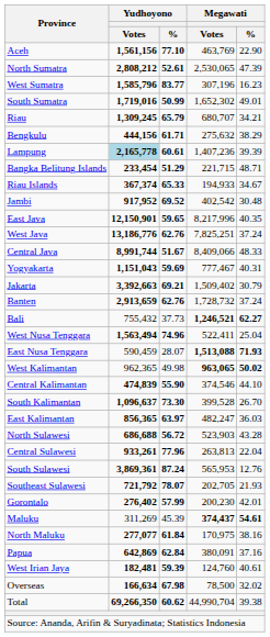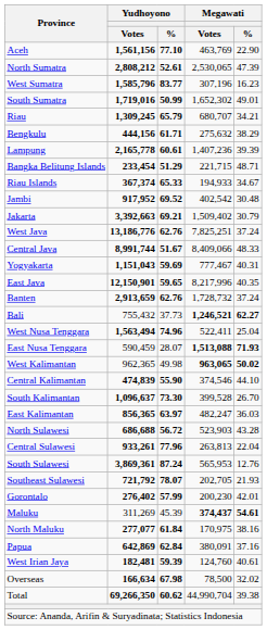 <table class="wikitable" style="text-align:right; font-size: 0.9em;">
 <tr>
 <th rowspan="3">Province</th>
 <th colspan="2">Yudhoyono</th>
 <th colspan="2">Megawati</th>
 </tr>
 <tr>
 <th colspan="2" style="background:"></th>
 <th colspan="2" style="background:"></th>
 </tr>
 <tr>
 <th>Votes</th>
 <th>%</th>
 <th>Votes</th>
 <th>%</th>
 </tr>
 <tr>
 <td align=left><a href='#'>Aceh</a></td>
 <td><strong>1,561,156</strong></td>
 <td><strong>77.10</strong></td>
 <td>463,769</td>
 <td>22.90</td>
 </tr>
 <tr>
 <td align=left><a href='#'>North Sumatra</a></td>
 <td><strong>2,808,212</strong></td>
 <td><strong>52.61</strong></td>
 <td>2,530,065</td>
 <td>47.39</td>
 </tr>
 <tr>
 <td align=left><a href='#'>West Sumatra</a></td>
 <td><strong>1,585,796</strong></td>
 <td><strong>83.77</strong></td>
 <td>307,196</td>
 <td>16.23</td>
 </tr>
 <tr>
 <td align=left><a href='#'>South Sumatra</a></td>
 <td><strong>1,719,016</strong></td>
 <td><strong>50.99</strong></td>
 <td>1,652,302</td>
 <td>49.01</td>
 </tr>
 <tr>
 <td align=left><a href='#'>Riau</a></td>
 <td><strong>1,309,245</strong></td>
 <td><strong>65.79</strong></td>
 <td>680,707</td>
 <td>34.21</td>
 </tr>
 <tr>
 <td align=left><a href='#'>Bengkulu</a></td>
 <td><strong>444,156</strong></td>
 <td><strong>61.71</strong></td>
 <td>275,632</td>
 <td>38.29</td>
 </tr>
 <tr>
 <td align=left><a href='#'>Lampung</a></td>
-<td style="background: lightblue;"><strong>2,165,778</strong></td>
+<td><strong>2,165,778</strong></td>
 <td><strong>60.61</strong></td>
 <td>1,407,236</td>
 <td>39.39</td>
 </tr>
 <tr>
 <td align=left><a href='#'>Bangka Belitung Islands</a></td>
 <td><strong>233,454</strong></td>
 <td><strong>51.29</strong></td>
 <td>221,715</td>
 <td>48.71</td>
 </tr>
 <tr>
 <td align=left><a href='#'>Riau Islands</a></td>
 <td><strong>367,374</strong></td>
 <td><strong>65.33</strong></td>
 <td>194,933</td>
 <td>34.67</td>
 </tr>
 <tr>
 <td align=left><a href='#'>Jambi</a></td>
 <td><strong>917,952</strong></td>
 <td><strong>69.52</strong></td>
 <td>402,542</td>
 <td>30.48</td>
 </tr>
 <tr>
-<td align=left><a href='#'>East Java</a></td>
-<td><strong>12,150,901</strong></td>
-<td><strong>59.65</strong></td>
-<td>8,217,996</td>
-<td>40.35</td>
+<td align=left><a href='#'>Jakarta</a></td>
+<td><strong>3,392,663</strong></td>
+<td><strong>69.21</strong></td>
+<td>1,509,402</td>
+<td>30.79</td>
 </tr>
 <tr>
 <td align=left><a href='#'>West Java</a></td>
 <td><strong>13,186,776</strong></td>
 <td><strong>62.76</strong></td>
 <td>7,825,251</td>
 <td>37.24</td>
 </tr>
 <tr>
 <td align=left><a href='#'>Central Java</a></td>
 <td><strong>8,991,744</strong></td>
 <td><strong>51.67</strong></td>
 <td>8,409,066</td>
 <td>48.33</td>
 </tr>
 <tr>
 <td align=left><a href='#'>Yogyakarta</a></td>
 <td><strong>1,151,043</strong></td>
 <td><strong>59.69</strong></td>
 <td>777,467</td>
 <td>40.31</td>
 </tr>
 <tr>
-<td align=left><a href='#'>Jakarta</a></td>
-<td><strong>3,392,663</strong></td>
-<td><strong>69.21</strong></td>
-<td>1,509,402</td>
-<td>30.79</td>
+<td align=left><a href='#'>East Java</a></td>
+<td><strong>12,150,901</strong></td>
+<td><strong>59.65</strong></td>
+<td>8,217,996</td>
+<td>40.35</td>
 </tr>
 <tr>
 <td align=left><a href='#'>Banten</a></td>
 <td><strong>2,913,659</strong></td>
 <td><strong>62.76</strong></td>
 <td>1,728,732</td>
 <td>37.24</td>
 </tr>
 <tr>
 <td align=left><a href='#'>Bali</a></td>
 <td>755,432</td>
 <td>37.73</td>
 <td><strong>1,246,521</strong></td>
 <td><strong>62.27</strong></td>
 </tr>
 <tr>
 <td align=left><a href='#'>West Nusa Tenggara</a></td>
 <td><strong>1,563,494</strong></td>
 <td><strong>74.96</strong></td>
 <td>522,411</td>
 <td>25.04</td>
 </tr>
 <tr>
 <td align=left><a href='#'>East Nusa Tenggara</a></td>
 <td>590,459</td>
 <td>28.07</td>
 <td><strong>1,513,088</strong></td>
 <td><strong>71.93</strong></td>
 </tr>
 <tr>
 <td align=left><a href='#'>West Kalimantan</a></td>
 <td>962,365</td>
 <td>49.98</td>
 <td><strong>963,065</strong></td>
 <td><strong>50.02</strong></td>
 </tr>
 <tr>
 <td align=left><a href='#'>Central Kalimantan</a></td>
 <td><strong>474,839</strong></td>
 <td><strong>55.90</strong></td>
 <td>374,546</td>
 <td>44.10</td>
 </tr>
 <tr>
 <td align=left><a href='#'>South Kalimantan</a></td>
 <td><strong>1,096,637</strong></td>
 <td><strong>73.30</strong></td>
 <td>399,528</td>
 <td>26.70</td>
 </tr>
 <tr>
 <td align=left><a href='#'>East Kalimantan</a></td>
 <td><strong>856,365</strong></td>
 <td><strong>63.97</strong></td>
 <td>482,247</td>
 <td>36.03</td>
 </tr>
 <tr>
 <td align=left><a href='#'>North Sulawesi</a></td>
 <td><strong>686,688</strong></td>
 <td><strong>56.72</strong></td>
 <td>523,903</td>
 <td>43.28</td>
 </tr>
 <tr>
 <td align=left><a href='#'>Central Sulawesi</a></td>
 <td><strong>933,261</strong></td>
 <td><strong>77.96</strong></td>
 <td>263,813</td>
 <td>22.04</td>
 </tr>
 <tr>
 <td align=left><a href='#'>South Sulawesi</a></td>
 <td><strong>3,869,361</strong></td>
 <td><strong>87.24</strong></td>
 <td>565,953</td>
 <td>12.76</td>
 </tr>
 <tr>
 <td align=left><a href='#'>Southeast Sulawesi</a></td>
 <td><strong>721,792</strong></td>
 <td><strong>78.07</strong></td>
 <td>202,705</td>
 <td>21.93</td>
 </tr>
 <tr>
 <td align=left><a href='#'>Gorontalo</a></td>
 <td><strong>276,402</strong></td>
 <td><strong>57.99</strong></td>
 <td>200,230</td>
 <td>42.01</td>
 </tr>
 <tr>
 <td align=left><a href='#'>Maluku</a></td>
 <td>311,269</td>
 <td>45.39</td>
 <td><strong>374,437</strong></td>
 <td><strong>54.61</strong></td>
 </tr>
 <tr>
 <td align=left><a href='#'>North Maluku</a></td>
 <td><strong>277,077</strong></td>
 <td><strong>61.84</strong></td>
 <td>170,975</td>
 <td>38.16</td>
 </tr>
 <tr>
 <td align=left><a href='#'>Papua</a></td>
 <td><strong>642,869</strong></td>
 <td><strong>62.84</strong></td>
 <td>380,091</td>
 <td>37.16</td>
 </tr>
 <tr>
 <td align=left><a href='#'>West Irian Jaya</a></td>
 <td><strong>182,481</strong></td>
 <td><strong>59.39</strong></td>
 <td>124,760</td>
 <td>40.61</td>
 </tr>
 <tr>
 <td align=left>Overseas</td>
 <td><strong>166,634</strong></td>
 <td><strong>67.98</strong></td>
 <td>78,500</td>
 <td>32.02</td>
 </tr>
 <tr class="sortbottom">
 <td align=left>Total</td>
 <td><strong>69,266,350</strong></td>
 <td><strong>60.62</strong></td>
 <td>44,990,704</td>
 <td>39.38</td>
 </tr>
 <tr>
 <th colspan="5"></th>
 </tr>
 <tr>
 <td colspan="5" align=left>Source: Ananda, Arifin & Suryadinata; Statistics Indonesia</td>
 </tr>
 </table>
